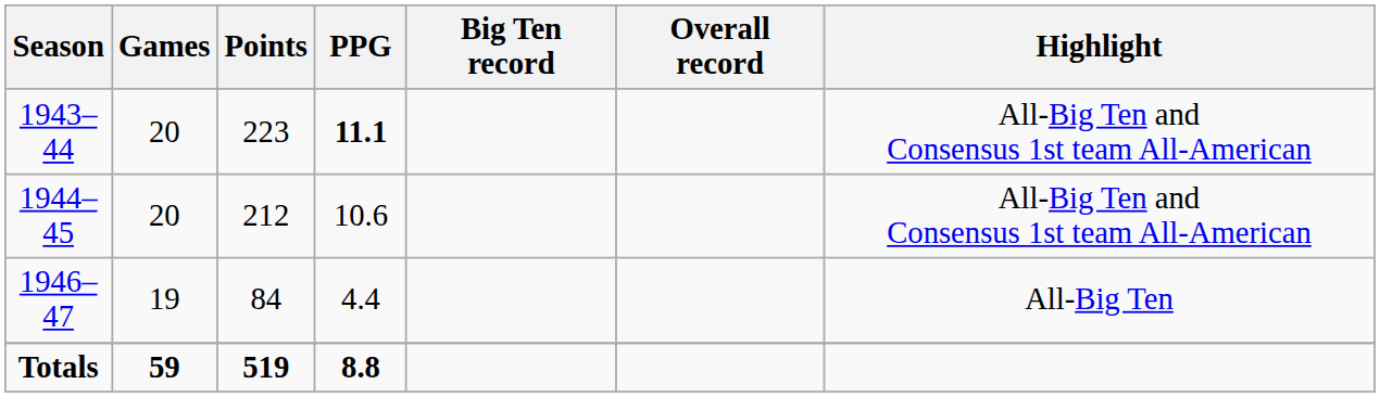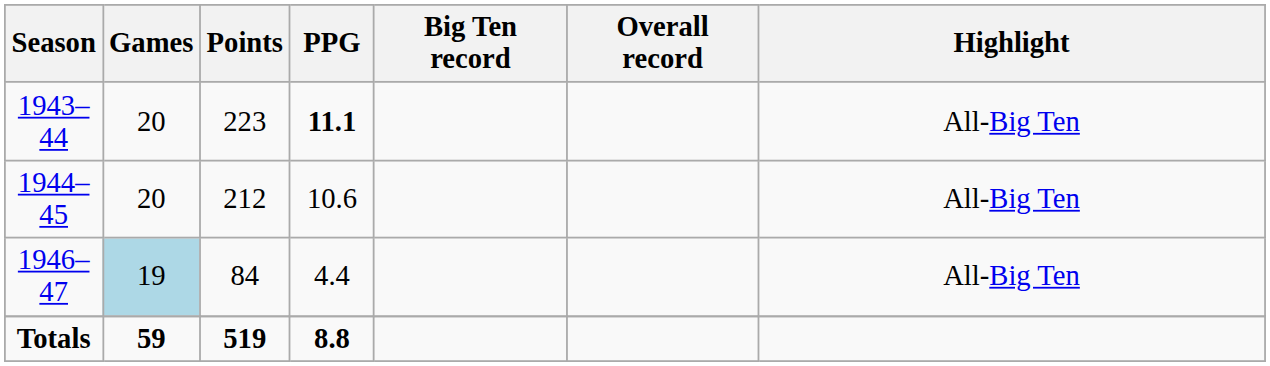 <table class="wikitable sortable" style="text-align:center">
 <tr>
 <th width=40px>Season</th>
 <th width=40px>Games</th>
 <th width=40px>Points</th>
 <th width=40px>PPG</th>
 <th width=100px>Big Ten <br>record</th>
 <th width=100px>Overall <br>record</th>
 <th width=275px>Highlight</th>
 </tr>
 <tr>
 <td><a href='#'>1943–44</a></td>
 <td>20</td>
 <td>223</td>
 <td><strong>11.1</strong></td>
 <td></td>
 <td></td>
-<td>All-<a href='#'>Big Ten</a> and<br> <a href='#'>Consensus 1st team All-American</a></td>
+<td>All-<a href='#'>Big Ten</a></td>
 </tr>
 <tr>
 <td><a href='#'>1944–45</a></td>
 <td>20</td>
 <td>212</td>
 <td>10.6</td>
 <td></td>
 <td></td>
-<td>All-<a href='#'>Big Ten</a> and<br> <a href='#'>Consensus 1st team All-American</a></td>
+<td>All-<a href='#'>Big Ten</a></td>
 </tr>
 <tr>
 <td><a href='#'>1946–47</a></td>
-<td>19</td>
+<td style="background: lightblue;">19</td>
 <td>84</td>
 <td>4.4</td>
 <td></td>
 <td></td>
 <td>All-<a href='#'>Big Ten</a></td>
 </tr>
 <tr>
 </tr>
 <tr class="sortbottom">
 <td><strong>Totals</strong></td>
 <td><strong>59</strong></td>
 <td><strong>519</strong></td>
 <td><strong>8.8</strong></td>
 <td><strong></strong></td>
 <td><strong></strong></td>
 <td></td>
 </tr>
 </table>
